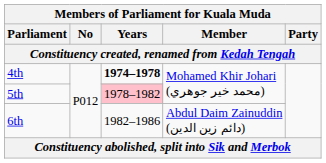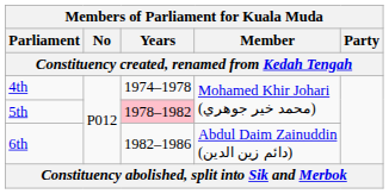 <table class=wikitable>
 <tr>
 <th colspan="5">Members of Parliament for Kuala Muda</th>
 </tr>
 <tr>
 <th>Parliament</th>
 <th>No</th>
 <th>Years</th>
 <th>Member</th>
 <th>Party</th>
 </tr>
 <tr>
 <th colspan="5" align="center"><em>Constituency created, renamed from <a href='#'>Kedah Tengah</a></em></th>
 </tr>
 <tr>
 <td><a href='#'>4th</a></td>
 <td rowspan="3">P012</td>
-<td><strong>1974–1978</strong></td>
+<td>1974–1978</td>
 <td rowspan="2"><a href='#'>Mohamed Khir Johari</a> <br>  (محمد خير جوهري)</td>
 <td rowspan=3></td>
 </tr>
 <tr>
 <td><a href='#'>5th</a></td>
 <td style="background: pink;">1978–1982</td>
 </tr>
 <tr>
 <td><a href='#'>6th</a></td>
 <td>1982–1986</td>
 <td><a href='#'>Abdul Daim Zainuddin</a> <br>  (دائم زين الدين)</td>
 </tr>
 <tr>
 <th colspan="5" align="center"><em>Constituency abolished, split into <a href='#'>Sik</a> and <a href='#'>Merbok</a></em></th>
 </tr>
 </table>
